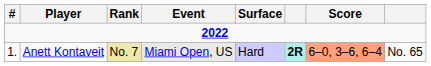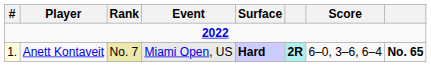 <table class="wikitable sortable">
 <tr>
 <th>#</th>
 <th>Player</th>
 <th>Rank</th>
 <th>Event</th>
 <th>Surface</th>
 <th></th>
 <th class="unsortable">Score</th>
 <th></th>
 </tr>
 <tr>
 <td colspan="8" style="text-align:center"><strong><a href='#'>2022</a></strong></td>
 </tr>
 <tr>
-<td>1.</td>
+<td style="background: lightyellow;">1.</td>
 <td> <a href='#'>Anett Kontaveit</a></td>
 <td bgcolor="eee8aa">No. 7</td>
 <td bgcolor=e9e9e9><a href='#'>Miami Open</a>, US</td>
-<td bgcolor="ccccff">Hard</td>
+<td bgcolor="ccccff"><strong>Hard</strong></td>
 <td bgcolor="afeeee"><strong>2R</strong></td>
-<td style="background: lightsalmon;">6–0, 3–6, 6–4</td>
-<td>No. 65</td>
+<td>6–0, 3–6, 6–4</td>
+<td><strong>No. 65</strong></td>
 </tr>
 </table>
